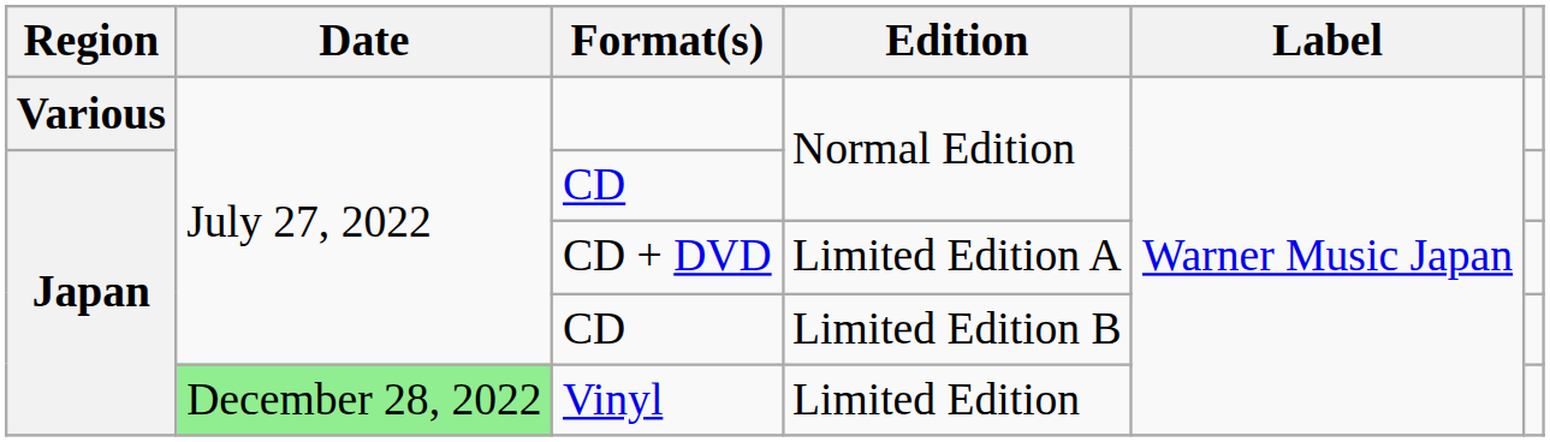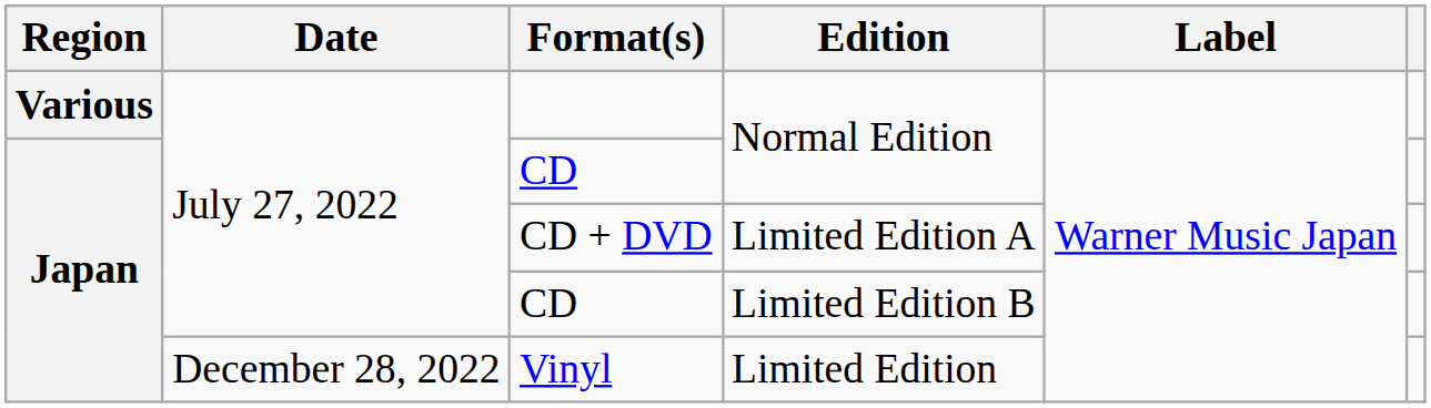 <table class="wikitable plainrowheaders" border="1">
 <tr>
 <th>Region</th>
 <th>Date</th>
 <th>Format(s)</th>
 <th>Edition</th>
 <th>Label</th>
 <th></th>
 </tr>
 <tr>
 <th scope="row">Various</th>
 <td rowspan="4">July 27, 2022</td>
 <td></td>
 <td rowspan="2">Normal Edition</td>
 <td rowspan="5"><a href='#'>Warner Music Japan</a></td>
 <td style="text-align:center;"></td>
 </tr>
 <tr>
 <th scope="row" rowspan="4">Japan</th>
 <td><a href='#'>CD</a></td>
 <td style="text-align:center;"></td>
 </tr>
 <tr>
 <td>CD + <a href='#'>DVD</a></td>
 <td>Limited Edition A</td>
 <td style="text-align:center;"></td>
 </tr>
 <tr>
 <td>CD</td>
 <td>Limited Edition B</td>
 <td style="text-align:center;"></td>
 </tr>
 <tr>
-<td style="background: lightgreen;">December 28, 2022</td>
+<td>December 28, 2022</td>
 <td><a href='#'>Vinyl</a></td>
 <td>Limited Edition</td>
 <td style="text-align:center;"></td>
 </tr>
 </table>
